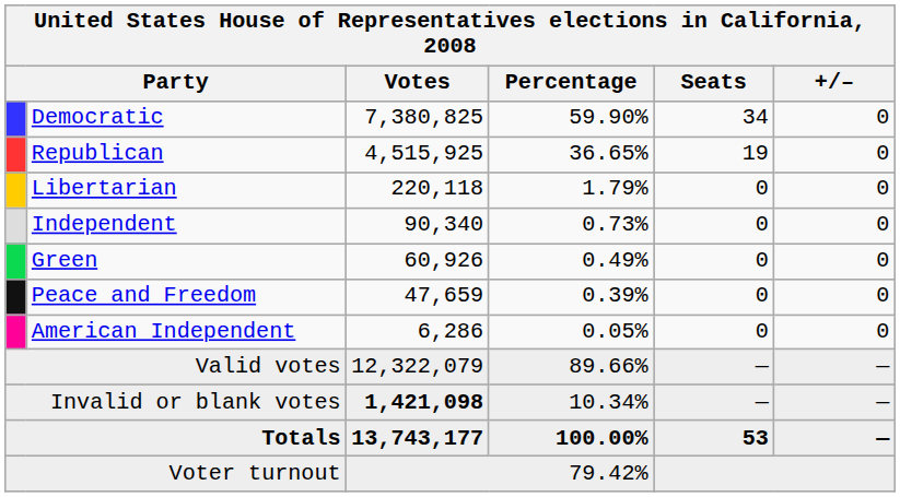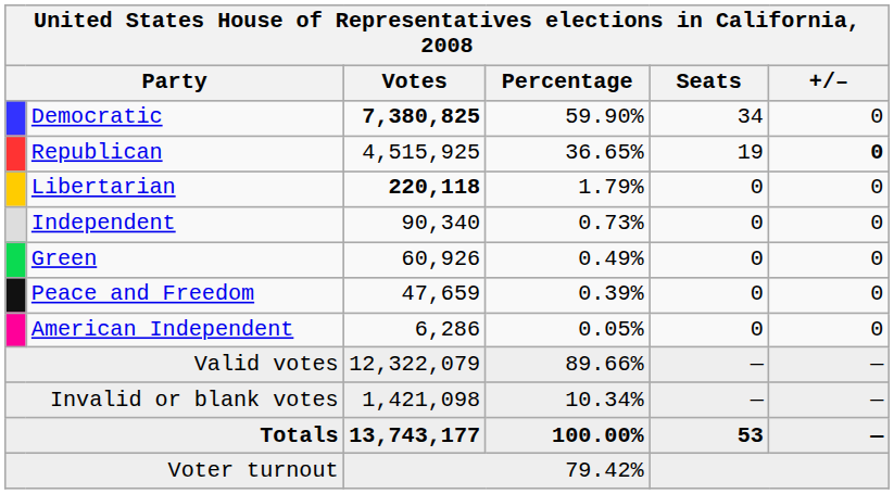 <table class="wikitable" style="background: #f9f9f9; font-size: 95%;">
 <tr style="background-color:#E9E9E9">
 <th colspan="6">United States House of Representatives elections in California, 2008</th>
 </tr>
 <tr bgcolor="#EEEEEE" align="center">
 <th colspan=2 style="width: 15em">Party</th>
 <th style="width: 5em">Votes</th>
 <th style="width: 7em">Percentage</th>
 <th style="width: 5em">Seats</th>
 <th style="width: 5em">+/–</th>
 </tr>
 <tr>
 <th style="background-color:#3333FF; width: 3px"></th>
 <td style="width: 130px"><a href='#'>Democratic</a></td>
-<td align="right">7,380,825</td>
+<td align="right"><strong>7,380,825</strong></td>
 <td align="right">59.90%</td>
 <td align="right">34</td>
 <td align="right">0</td>
 </tr>
 <tr>
 <th style="background-color:#FF3333; width: 3px"></th>
 <td style="width: 130px"><a href='#'>Republican</a></td>
 <td align="right">4,515,925</td>
 <td align="right">36.65%</td>
 <td align="right">19</td>
-<td align="right">0</td>
+<td align="right"><strong>0</strong></td>
 </tr>
 <tr>
 <th style="background-color:#FFCC00; width: 3px"></th>
 <td style="width: 130px"><a href='#'>Libertarian</a></td>
-<td align="right">220,118</td>
+<td align="right"><strong>220,118</strong></td>
 <td align="right">1.79%</td>
 <td align="right">0</td>
 <td align="right">0</td>
 </tr>
 <tr>
 <th style="background-color:#DDDDDD; width: 3px"></th>
 <td style="width: 130px"><a href='#'>Independent</a></td>
 <td align="right">90,340</td>
 <td align="right">0.73%</td>
 <td align="right">0</td>
 <td align="right">0</td>
 </tr>
 <tr>
 <th style="background-color:#0BDA51; width: 3px"></th>
 <td style="width: 130px"><a href='#'>Green</a></td>
 <td align="right">60,926</td>
 <td align="right">0.49%</td>
 <td align="right">0</td>
 <td align="right">0</td>
 </tr>
 <tr>
 <th style="background-color:#111111; width: 3px"></th>
 <td style="width: 130px"><a href='#'>Peace and Freedom</a></td>
 <td align="right">47,659</td>
 <td align="right">0.39%</td>
 <td align="right">0</td>
 <td align="right">0</td>
 </tr>
 <tr>
 <th style="background-color:#FF0099; width: 3px"></th>
 <td style="width: 130px"><a href='#'>American Independent</a></td>
 <td align="right">6,286</td>
 <td align="right">0.05%</td>
 <td align="right">0</td>
 <td align="right">0</td>
 </tr>
 <tr bgcolor="#EEEEEE">
 <td colspan="2" align="right">Valid votes</td>
 <td align="right">12,322,079</td>
 <td align="right">89.66%</td>
 <td align="right">—</td>
 <td align="right">—</td>
 </tr>
 <tr bgcolor="#EEEEEE">
 <td colspan="2" align="right">Invalid or blank votes</td>
-<td align="right"><strong>1,421,098</strong></td>
+<td align="right">1,421,098</td>
 <td align="right">10.34%</td>
 <td align="right">—</td>
 <td align="right">—</td>
 </tr>
 <tr bgcolor="#EEEEEE">
 <td colspan="2" align="right"><strong>Totals</strong></td>
 <td align="right"><strong>13,743,177</strong></td>
 <td align="right"><strong>100.00%</strong></td>
 <td align="right"><strong>53</strong></td>
 <td align="right"><strong>—</strong></td>
 </tr>
 <tr bgcolor="#EEEEEE">
 <td colspan="2" align="right">Voter turnout</td>
 <td colspan="2" align="right">79.42%</td>
 <td colspan="2" align="right"></td>
 </tr>
 </table>
